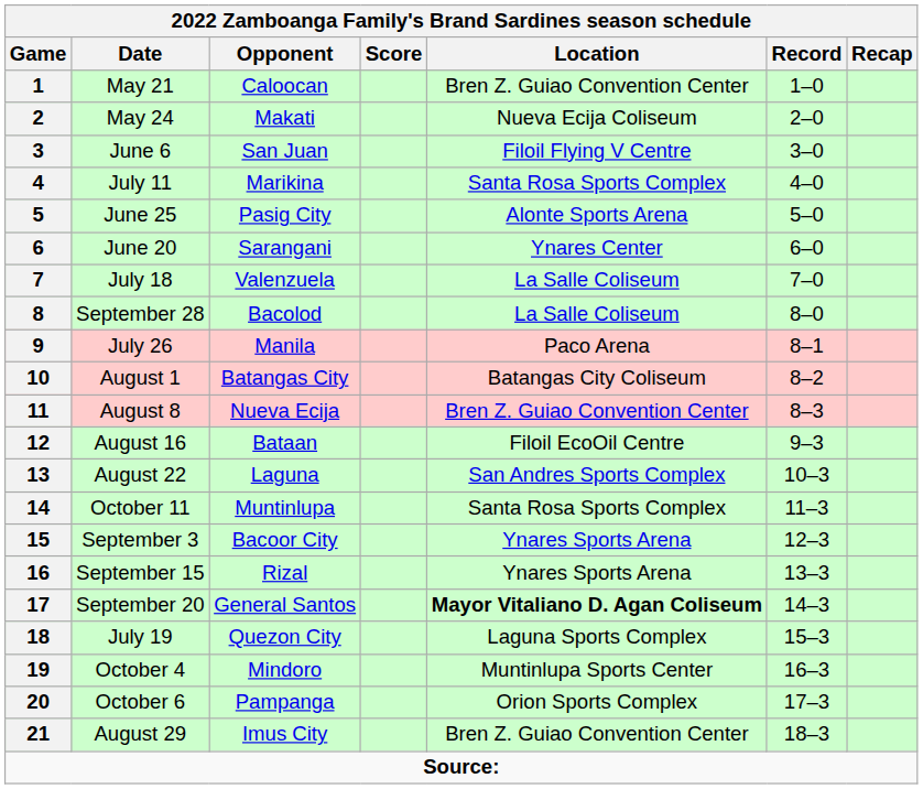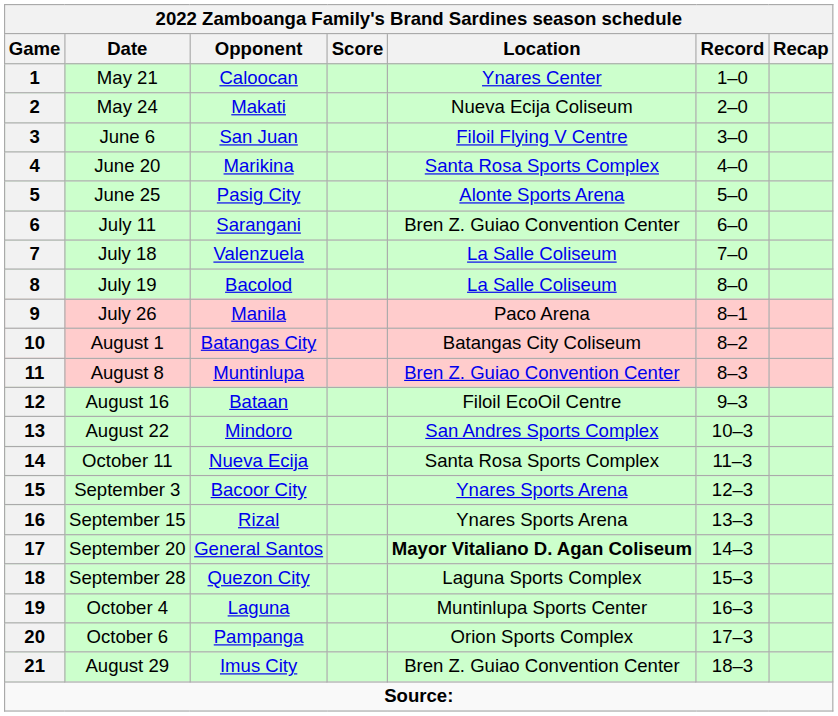 <table class="wikitable" style="text-align:center">
 <tr>
 <th colspan=7>2022 Zamboanga Family's Brand Sardines season schedule</th>
 </tr>
 <tr>
 <th>Game</th>
 <th>Date</th>
 <th>Opponent</th>
 <th>Score</th>
 <th>Location</th>
 <th>Record</th>
 <th>Recap<br></th>
 </tr>
 <tr style="background:#cfc">
 <th>1</th>
 <td>May 21</td>
 <td><a href='#'>Caloocan</a></td>
 <td></td>
-<td>Bren Z. Guiao Convention Center</td>
+<td><a href='#'>Ynares Center</a></td>
 <td>1–0</td>
 <td></td>
 </tr>
 <tr style="background:#cfc">
 <th>2</th>
 <td>May 24</td>
 <td><a href='#'>Makati</a></td>
 <td></td>
 <td>Nueva Ecija Coliseum</td>
 <td>2–0</td>
 <td></td>
 </tr>
 <tr style="background:#cfc">
 <th>3</th>
 <td>June 6</td>
 <td><a href='#'>San Juan</a></td>
 <td></td>
 <td><a href='#'>Filoil Flying V Centre</a></td>
 <td>3–0</td>
 <td></td>
 </tr>
 <tr style="background:#cfc">
 <th>4</th>
-<td>July 11</td>
+<td>June 20</td>
 <td><a href='#'>Marikina</a></td>
 <td></td>
 <td><a href='#'>Santa Rosa Sports Complex</a></td>
 <td>4–0</td>
 <td></td>
 </tr>
 <tr style="background:#cfc">
 <th>5</th>
 <td>June 25</td>
 <td><a href='#'>Pasig City</a></td>
 <td></td>
 <td><a href='#'>Alonte Sports Arena</a></td>
 <td>5–0</td>
 <td></td>
 </tr>
 <tr style="background:#cfc">
 <th>6</th>
-<td>June 20</td>
+<td>July 11</td>
 <td><a href='#'>Sarangani</a></td>
 <td></td>
-<td><a href='#'>Ynares Center</a></td>
+<td>Bren Z. Guiao Convention Center</td>
 <td>6–0</td>
 <td></td>
 </tr>
 <tr style="background:#cfc">
 <th>7</th>
 <td>July 18</td>
 <td><a href='#'>Valenzuela</a></td>
 <td></td>
 <td><a href='#'>La Salle Coliseum</a></td>
 <td>7–0</td>
 <td><br></td>
 </tr>
 <tr style="background:#cfc">
 <th>8</th>
-<td>September 28</td>
+<td>July 19</td>
 <td><a href='#'>Bacolod</a></td>
 <td></td>
 <td><a href='#'>La Salle Coliseum</a></td>
 <td>8–0</td>
 <td></td>
 </tr>
 <tr style="background:#fcc">
 <th>9</th>
 <td>July 26</td>
 <td><a href='#'>Manila</a></td>
 <td></td>
 <td>Paco Arena</td>
 <td>8–1</td>
 <td></td>
 </tr>
 <tr style="background:#fcc">
 <th>10</th>
 <td>August 1</td>
 <td><a href='#'>Batangas City</a></td>
 <td></td>
 <td>Batangas City Coliseum</td>
 <td>8–2</td>
 <td></td>
 </tr>
 <tr style="background:#fcc">
 <th>11</th>
 <td>August 8</td>
-<td><a href='#'>Nueva Ecija</a></td>
+<td><a href='#'>Muntinlupa</a></td>
 <td></td>
 <td><a href='#'>Bren Z. Guiao Convention Center</a></td>
 <td>8–3</td>
 <td></td>
 </tr>
 <tr style="background:#cfc">
 <th>12</th>
 <td>August 16</td>
 <td><a href='#'>Bataan</a></td>
 <td></td>
 <td>Filoil EcoOil Centre</td>
 <td>9–3</td>
 <td></td>
 </tr>
 <tr style="background:#cfc">
 <th>13</th>
 <td>August 22</td>
-<td><a href='#'>Laguna</a></td>
+<td><a href='#'>Mindoro</a></td>
 <td></td>
 <td><a href='#'>San Andres Sports Complex</a></td>
 <td>10–3</td>
 <td></td>
 </tr>
 <tr style="background:#cfc">
 <th>14</th>
 <td>October 11</td>
-<td><a href='#'>Muntinlupa</a></td>
+<td><a href='#'>Nueva Ecija</a></td>
 <td></td>
 <td>Santa Rosa Sports Complex</td>
 <td>11–3</td>
 <td><br></td>
 </tr>
 <tr style="background:#cfc">
 <th>15</th>
 <td>September 3</td>
 <td><a href='#'>Bacoor City</a></td>
 <td></td>
 <td><a href='#'>Ynares Sports Arena</a></td>
 <td>12–3</td>
 <td></td>
 </tr>
 <tr style="background:#cfc">
 <th>16</th>
 <td>September 15</td>
 <td><a href='#'>Rizal</a></td>
 <td></td>
 <td>Ynares Sports Arena</td>
 <td>13–3</td>
 <td></td>
 </tr>
 <tr style="background:#cfc">
 <th>17</th>
 <td>September 20</td>
 <td><a href='#'>General Santos</a></td>
 <td></td>
 <td><strong>Mayor Vitaliano D. Agan Coliseum</strong></td>
 <td>14–3</td>
 <td></td>
 </tr>
 <tr style="background:#cfc">
 <th>18</th>
-<td>July 19</td>
+<td>September 28</td>
 <td><a href='#'>Quezon City</a></td>
 <td></td>
 <td>Laguna Sports Complex</td>
 <td>15–3</td>
 <td></td>
 </tr>
 <tr style="background:#cfc">
 <th>19</th>
 <td>October 4</td>
-<td><a href='#'>Mindoro</a></td>
+<td><a href='#'>Laguna</a></td>
 <td></td>
 <td>Muntinlupa Sports Center</td>
 <td>16–3</td>
 <td></td>
 </tr>
 <tr style="background:#cfc">
 <th>20</th>
 <td>October 6</td>
 <td><a href='#'>Pampanga</a></td>
 <td></td>
 <td>Orion Sports Complex</td>
 <td>17–3</td>
 <td></td>
 </tr>
 <tr style="background:#cfc">
 <th>21</th>
 <td>August 29</td>
 <td><a href='#'>Imus City</a></td>
 <td></td>
 <td>Bren Z. Guiao Convention Center</td>
 <td>18–3</td>
 <td></td>
 </tr>
 <tr>
 <td colspan=7 align=center><strong>Source: </strong></td>
 </tr>
 </table>
